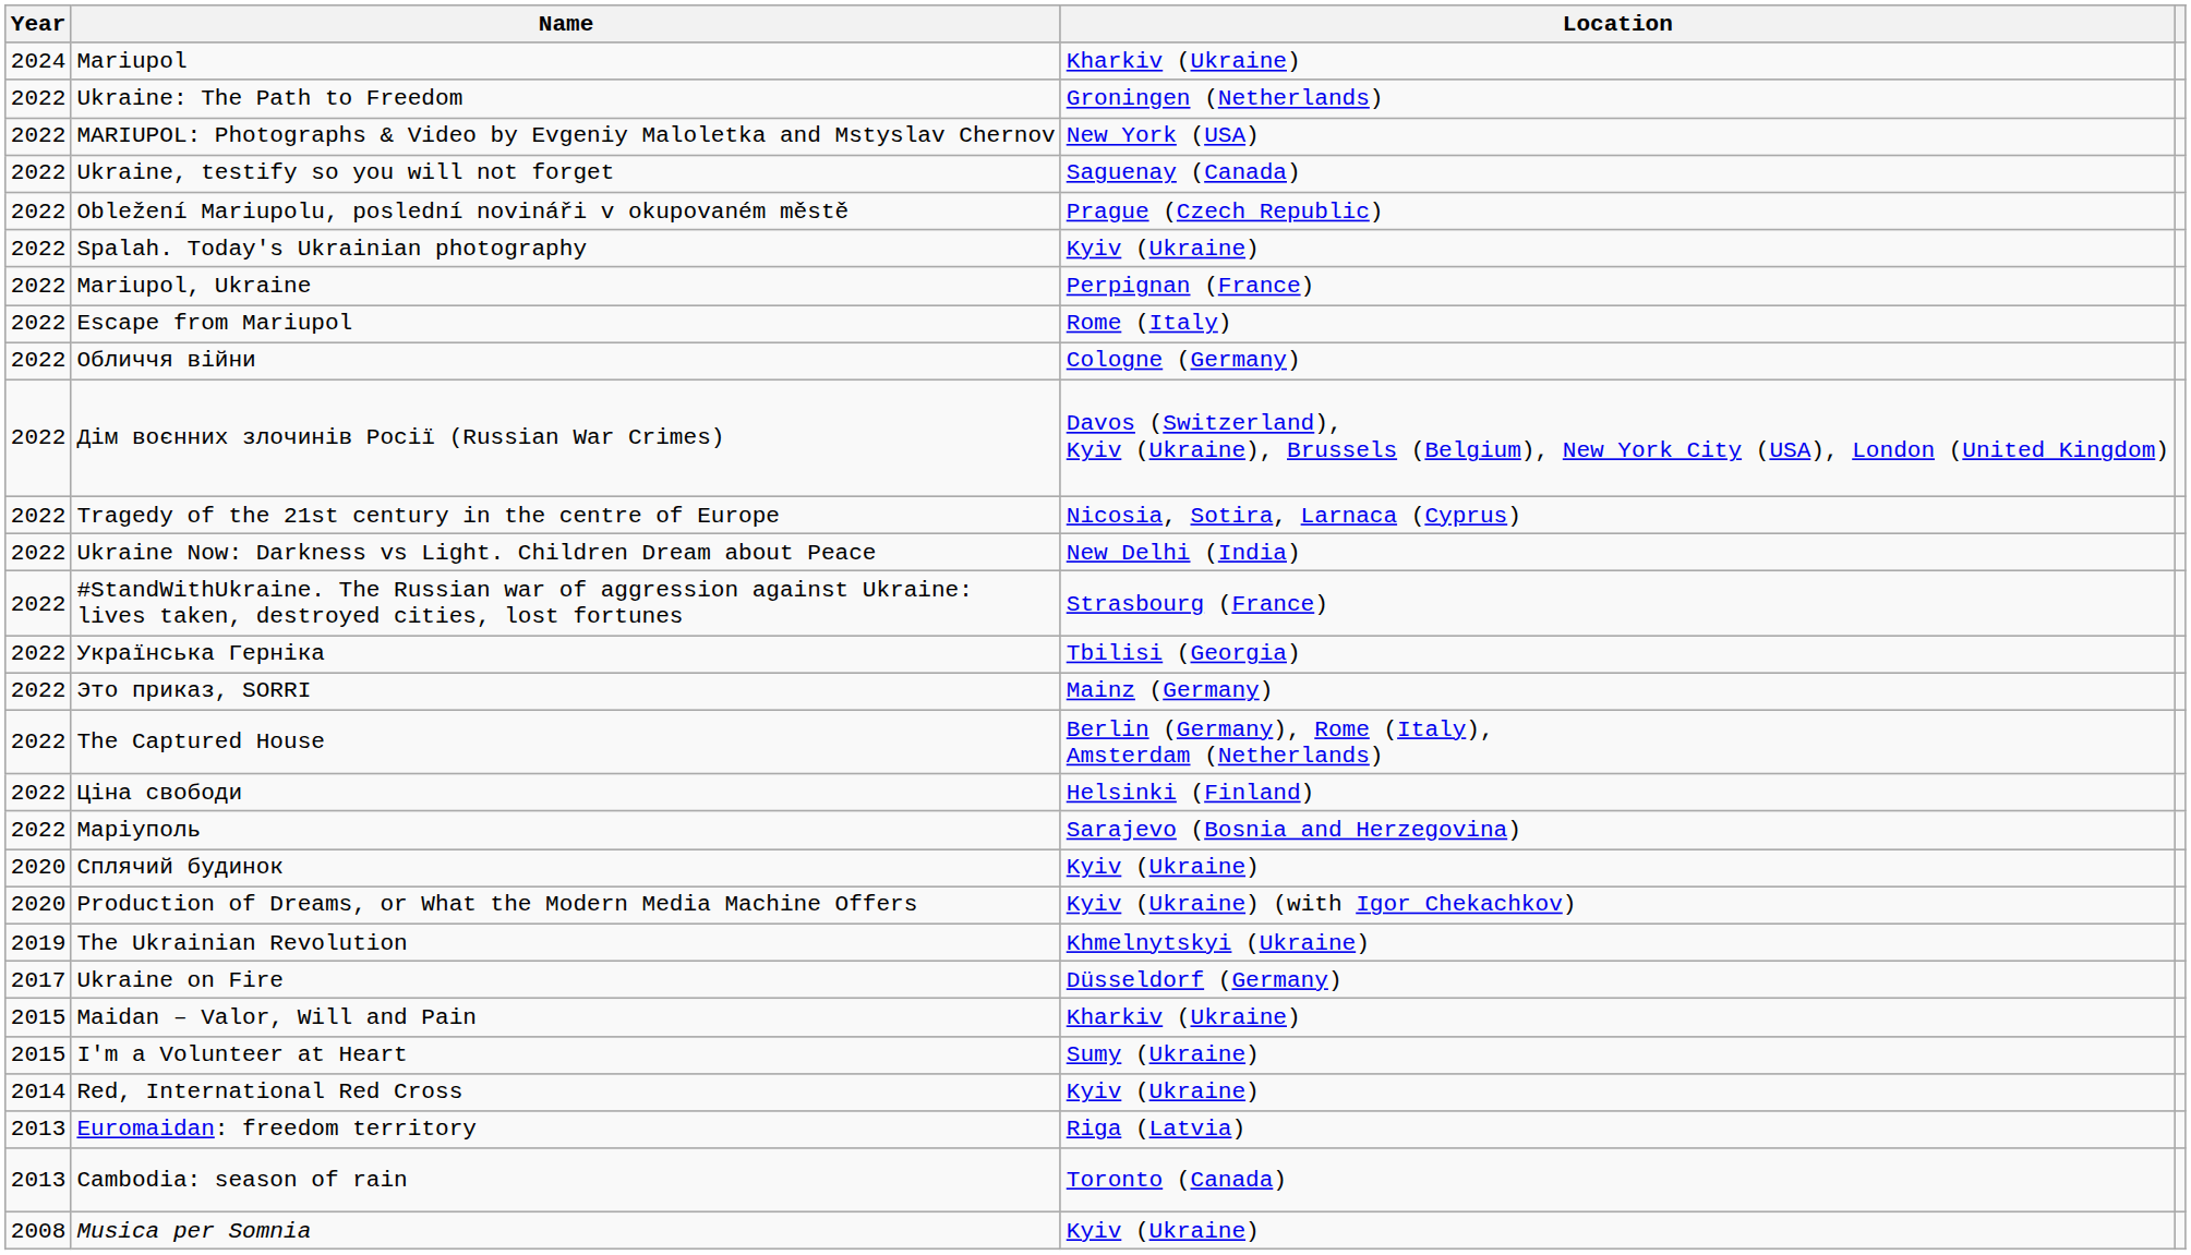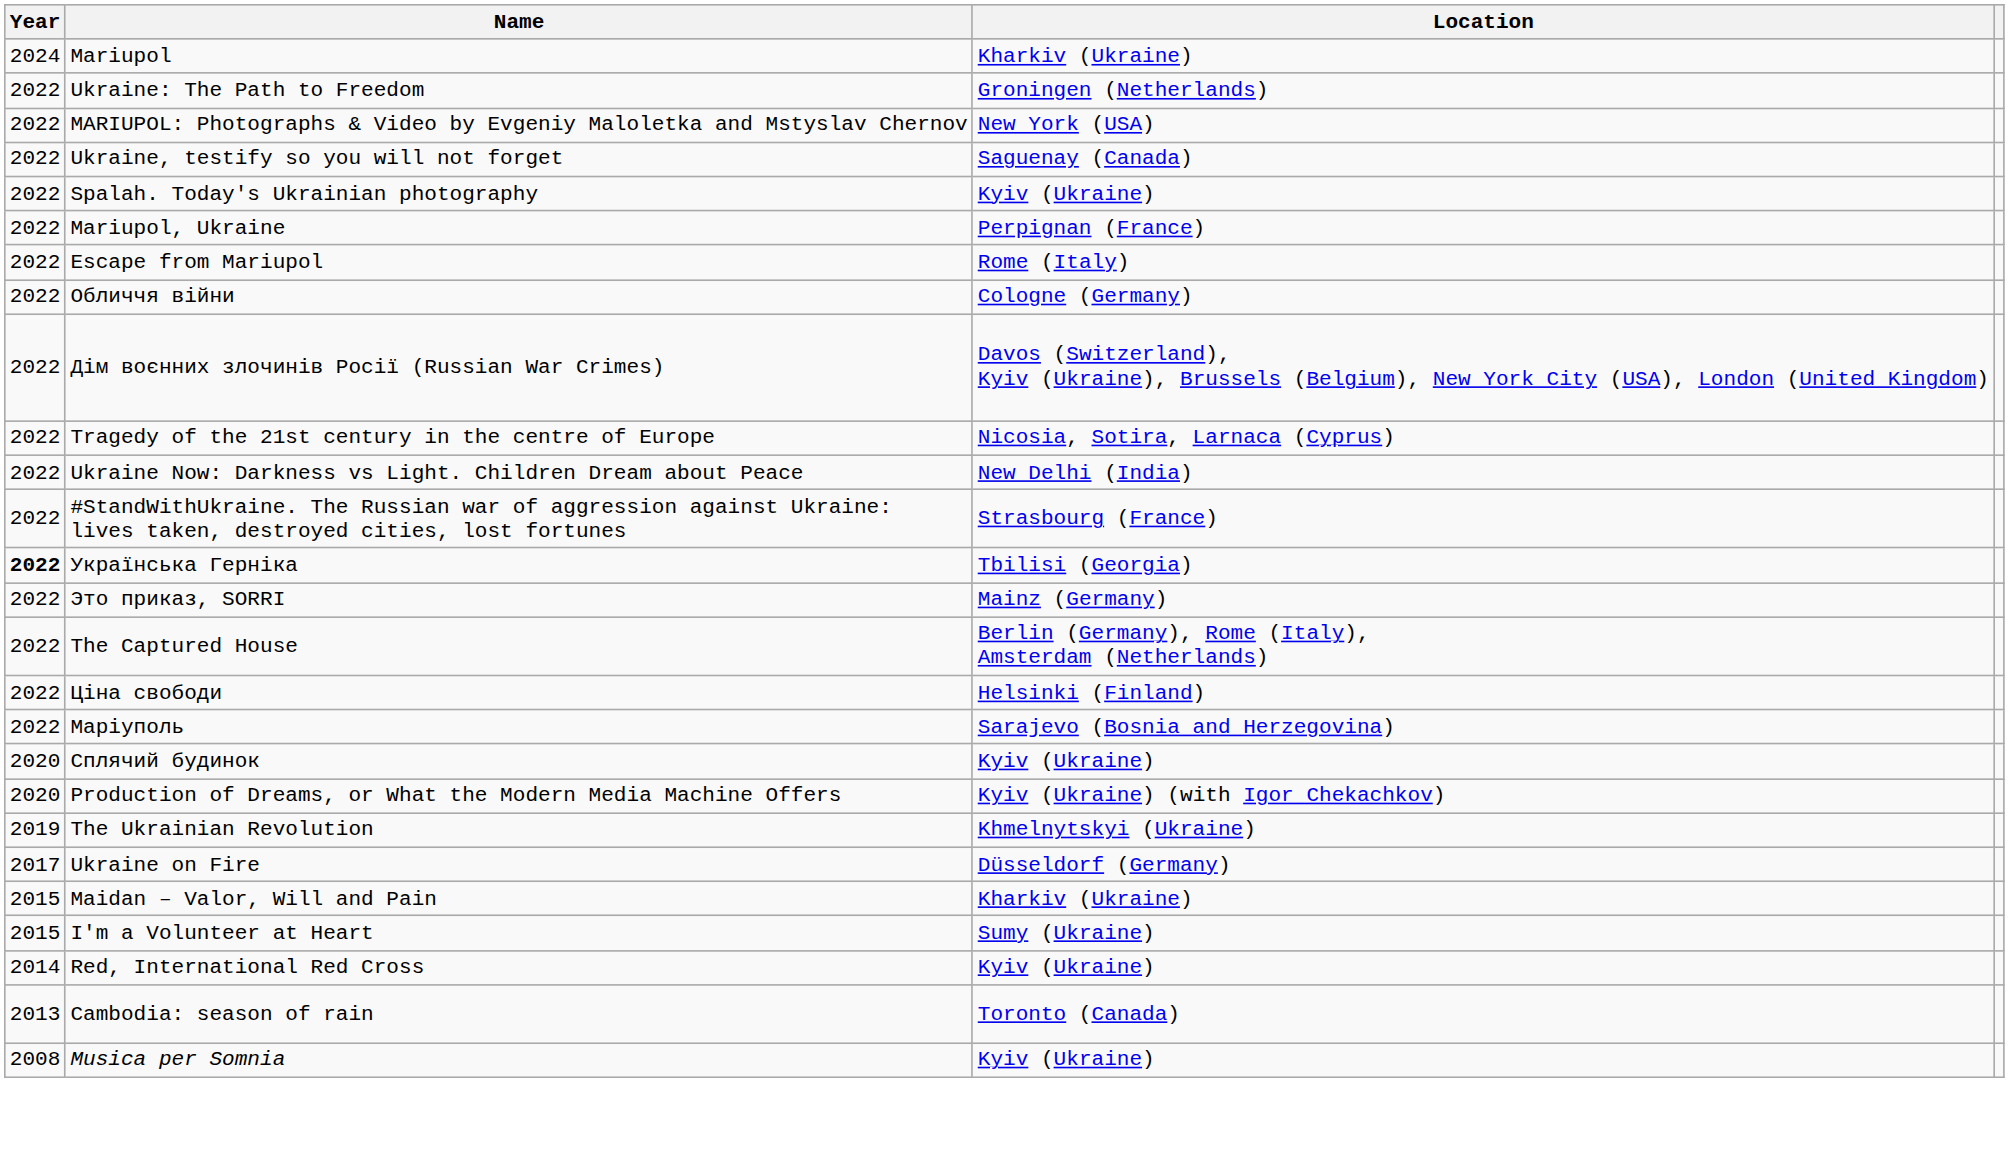 <table class="wikitable sortable">
 <tr>
 <th>Year</th>
 <th>Name</th>
 <th>Location</th>
 <th scope="col" class="unsortable"></th>
 </tr>
 <tr>
 <td>2024</td>
 <td>Mariupol</td>
 <td><a href='#'>Kharkiv</a> (<a href='#'>Ukraine</a>)</td>
 <td></td>
 </tr>
 <tr>
 <td>2022</td>
 <td>Ukraine: The Path to Freedom</td>
 <td><a href='#'>Groningen</a> (<a href='#'>Netherlands</a>)</td>
 <td style="text-align:center;"></td>
 </tr>
 <tr>
 <td>2022</td>
 <td>MARIUPOL: Photographs & Video by Evgeniy Maloletka and Mstyslav Chernov</td>
 <td><a href='#'>New York</a> (<a href='#'>USA</a>)</td>
 <td style="text-align:center;"></td>
 </tr>
 <tr>
 <td>2022</td>
 <td>Ukraine, testify so you will not forget</td>
 <td><a href='#'>Saguenay</a> (<a href='#'>Canada</a>)</td>
-<td style="text-align:center;"></td>
-</tr>
-<tr>
-<td>2022</td>
-<td>Obležení Mariupolu, poslední novináři v okupovaném městě</td>
-<td><a href='#'>Prague</a> (<a href='#'>Czech Republic</a>)</td>
 <td style="text-align:center;"></td>
 </tr>
 <tr>
 <td>2022</td>
 <td>Spalah. Today's Ukrainian photography</td>
 <td><a href='#'>Kyiv</a> (<a href='#'>Ukraine</a>)</td>
 <td style="text-align:center;"></td>
 </tr>
 <tr>
 <td>2022</td>
 <td>Mariupol, Ukraine</td>
 <td><a href='#'>Perpignan</a> (<a href='#'>France</a>)</td>
 <td style="text-align:center;"></td>
 </tr>
 <tr>
 <td>2022</td>
 <td>Escape from Mariupol</td>
 <td><a href='#'>Rome</a> (<a href='#'>Italy</a>)</td>
 <td style="text-align:center;"></td>
 </tr>
 <tr>
 <td>2022</td>
 <td>Обличчя війни</td>
 <td><a href='#'>Cologne</a> (<a href='#'>Germany</a>)</td>
 <td style="text-align:center;"></td>
 </tr>
 <tr>
 <td>2022</td>
 <td>Дім воєнних злочинів Росії (Russian War Crimes)</td>
 <td><a href='#'>Davos</a> (<a href='#'>Switzerland</a>),<br><a href='#'>Kyiv</a> (<a href='#'>Ukraine</a>), <a href='#'>Brussels</a> (<a href='#'>Belgium</a>), <a href='#'>New York City</a> (<a href='#'>USA</a>), <a href='#'>London</a> (<a href='#'>United Kingdom</a>)</td>
 <td style="text-align:center;"><br><br><br><br></td>
 </tr>
 <tr>
 <td>2022</td>
 <td>Tragedy of the 21st century in the centre of Europe</td>
 <td><a href='#'>Nicosia</a>, <a href='#'>Sotira</a>, <a href='#'>Larnaca</a> (<a href='#'>Cyprus</a>)</td>
 <td style="text-align:center;"></td>
 </tr>
 <tr>
 <td>2022</td>
 <td>Ukraine Now: Darkness vs Light. Children Dream about Peace</td>
 <td><a href='#'>New Delhi</a> (<a href='#'>India</a>)</td>
 <td style="text-align:center;"></td>
 </tr>
 <tr>
 <td>2022</td>
 <td>#StandWithUkraine. The Russian war of aggression against Ukraine:<br>lives taken, destroyed cities, lost fortunes</td>
 <td><a href='#'>Strasbourg</a> (<a href='#'>France</a>)</td>
 <td style="text-align:center;"><br></td>
 </tr>
 <tr>
-<td>2022</td>
+<td><strong>2022</strong></td>
 <td>Українська Герніка</td>
 <td><a href='#'>Tbilisi</a> (<a href='#'>Georgia</a>)</td>
 <td style="text-align:center;"></td>
 </tr>
 <tr>
 <td>2022</td>
 <td>Это приказ, SORRI</td>
 <td><a href='#'>Mainz</a> (<a href='#'>Germany</a>)</td>
 <td style="text-align:center;"></td>
 </tr>
 <tr>
 <td>2022</td>
 <td>The Captured House</td>
 <td><a href='#'>Berlin</a> (<a href='#'>Germany</a>), <a href='#'>Rome</a> (<a href='#'>Italy</a>),<br><a href='#'>Amsterdam</a> (<a href='#'>Netherlands</a>)</td>
 <td style="text-align:center;"></td>
 </tr>
 <tr>
 <td>2022</td>
 <td>Ціна свободи</td>
 <td><a href='#'>Helsinki</a> (<a href='#'>Finland</a>)</td>
 <td style="text-align:center;"></td>
 </tr>
 <tr>
 <td>2022</td>
 <td>Маріуполь</td>
 <td><a href='#'>Sarajevo</a> (<a href='#'>Bosnia and Herzegovina</a>)</td>
 <td style="text-align:center;"></td>
 </tr>
 <tr>
 <td>2020</td>
 <td>Сплячий будинок</td>
 <td><a href='#'>Kyiv</a> (<a href='#'>Ukraine</a>)</td>
 <td style="text-align:center;"></td>
 </tr>
 <tr>
 <td>2020</td>
 <td>Production of Dreams, or What the Modern Media Machine Offers</td>
 <td><a href='#'>Kyiv</a> (<a href='#'>Ukraine</a>) (with <a href='#'>Igor Chekachkov</a>)</td>
 <td style="text-align:center;"><br></td>
 </tr>
 <tr>
 <td>2019</td>
 <td>The Ukrainian Revolution</td>
 <td><a href='#'>Khmelnytskyi</a> (<a href='#'>Ukraine</a>)</td>
 <td style="text-align:center;"></td>
 </tr>
 <tr>
 <td>2017</td>
 <td>Ukraine on Fire</td>
 <td><a href='#'>Düsseldorf</a> (<a href='#'>Germany</a>)</td>
 <td style="text-align:center;"></td>
 </tr>
 <tr>
 <td>2015</td>
 <td>Maidan – Valor, Will and Pain</td>
 <td><a href='#'>Kharkiv</a> (<a href='#'>Ukraine</a>)</td>
 <td style="text-align:center;"></td>
 </tr>
 <tr>
 <td>2015</td>
 <td>I'm a Volunteer at Heart</td>
 <td><a href='#'>Sumy</a> (<a href='#'>Ukraine</a>)</td>
 <td style="text-align:center;"></td>
 </tr>
 <tr>
 <td>2014</td>
 <td>Red, International Red Cross</td>
 <td><a href='#'>Kyiv</a> (<a href='#'>Ukraine</a>)</td>
 <td style="text-align:center;"></td>
 </tr>
 <tr>
 <td>2013</td>
-<td><a href='#'>Euromaidan</a>: freedom territory</td>
-<td><a href='#'>Riga</a> (<a href='#'>Latvia</a>)</td>
-<td style="text-align:center;"></td>
-</tr>
-<tr>
-<td>2013</td>
 <td>Cambodia: season of rain</td>
 <td><a href='#'>Toronto</a> (<a href='#'>Canada</a>)</td>
 <td style="text-align:center;"><br><br></td>
 </tr>
 <tr>
 <td>2008</td>
 <td><em>Musica per Somnia</em></td>
 <td><a href='#'>Kyiv</a> (<a href='#'>Ukraine</a>)</td>
 <td style="text-align:center;"><br></td>
 </tr>
 </table>
